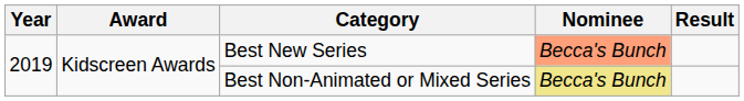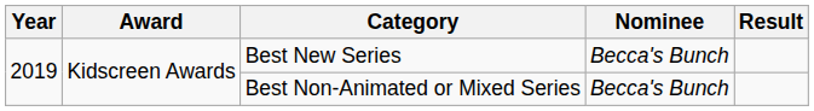 <table class="wikitable sortable">
 <tr>
 <th>Year</th>
 <th>Award</th>
 <th>Category</th>
 <th>Nominee</th>
 <th>Result</th>
 </tr>
 <tr>
 <td rowspan="2">2019</td>
 <td rowspan="2">Kidscreen Awards</td>
 <td>Best New Series</td>
-<td style="background: lightsalmon;"><em>Becca's Bunch</em></td>
+<td><em>Becca's Bunch</em></td>
 <td></td>
 </tr>
 <tr>
 <td>Best Non-Animated or Mixed Series</td>
-<td style="background: khaki;"><em>Becca's Bunch</em></td>
+<td><em>Becca's Bunch</em></td>
 <td></td>
 </tr>
 </table>
